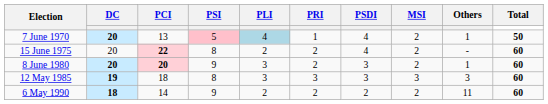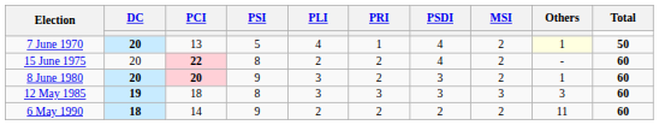 <table class="wikitable" style="text-align:center;font-size:85%;line-height:13px">
 <tr style="height:30px; background-color:#E9E9E9">
 <th style="width:110px;" rowspan="2">Election</th>
 <th style="width:65px;"><a href='#'>DC</a></th>
 <th style="width:65px;"><a href='#'>PCI</a></th>
 <th style="width:65px;"><a href='#'>PSI</a></th>
 <th style="width:65px;"><a href='#'>PLI</a></th>
 <th style="width:65px;"><a href='#'>PRI</a></th>
 <th style="width:65px;"><a href='#'>PSDI</a></th>
 <th style="width:65px;"><a href='#'>MSI</a></th>
 <th style="width:65px;">Others</th>
 <th style="width:65px;">Total</th>
 </tr>
 <tr>
 <th style="color:inherit;background:"></th>
 <th style="color:inherit;background:"></th>
 <th style="color:inherit;background:"></th>
 <th style="color:inherit;background:"></th>
 <th style="color:inherit;background:"></th>
 <th style="color:inherit;background:"></th>
 <th style="color:inherit;background:"></th>
 <th style="color:inherit;background:"></th>
 <th style="color:inherit;background:white;"></th>
 </tr>
 <tr>
 <td><a href='#'>7 June 1970</a></td>
 <td style="background:#C8EBFF"><strong>20</strong></td>
 <td>13</td>
-<td style="background: pink;">5</td>
-<td style="background: lightblue;">4</td>
+<td>5</td>
+<td>4</td>
 <td>1</td>
 <td>4</td>
 <td>2</td>
-<td>1</td>
+<td style="background: lightyellow;">1</td>
 <td><strong>50</strong></td>
 </tr>
 <tr>
 <td><a href='#'>15 June 1975</a></td>
 <td>20</td>
 <td style="background:#FFD0D7"><strong>22</strong></td>
 <td>8</td>
 <td>2</td>
 <td>2</td>
 <td>4</td>
 <td>2</td>
 <td>-</td>
 <td><strong>60</strong></td>
 </tr>
 <tr>
 <td><a href='#'>8 June 1980</a></td>
 <td style="background:#C8EBFF"><strong>20</strong></td>
 <td style="background:#FFD0D7"><strong>20</strong></td>
 <td>9</td>
 <td>3</td>
 <td>2</td>
 <td>3</td>
 <td>2</td>
 <td>1</td>
 <td><strong>60</strong></td>
 </tr>
 <tr>
 <td><a href='#'>12 May 1985</a></td>
 <td style="background:#C8EBFF"><strong>19</strong></td>
 <td>18</td>
 <td>8</td>
 <td>3</td>
 <td>3</td>
 <td>3</td>
 <td>3</td>
 <td>3</td>
 <td><strong>60</strong></td>
 </tr>
 <tr>
 <td><a href='#'>6 May 1990</a></td>
 <td style="background:#C8EBFF"><strong>18</strong></td>
 <td>14</td>
 <td>9</td>
 <td>2</td>
 <td>2</td>
 <td>2</td>
 <td>2</td>
 <td>11</td>
 <td><strong>60</strong></td>
 </tr>
 </table>
